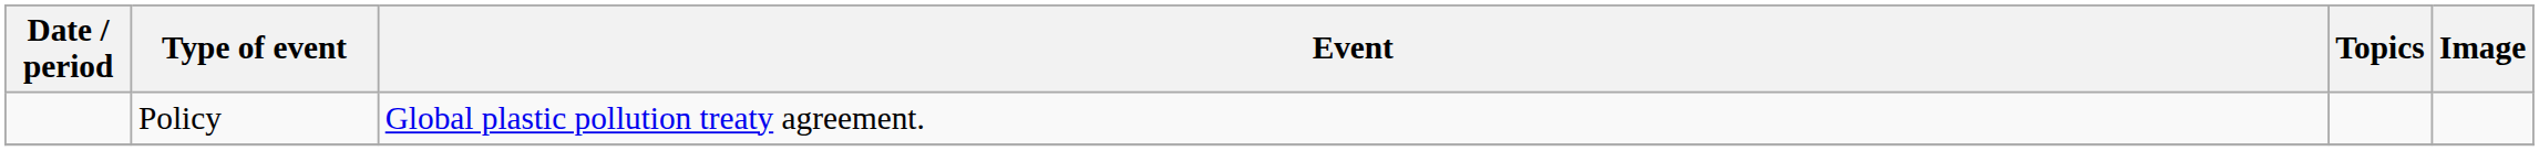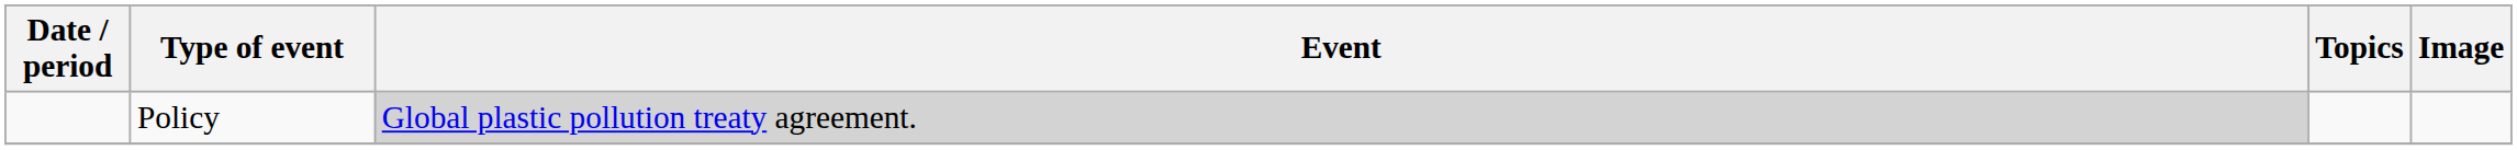 <table class="sortable wikitable">
 <tr>
 <th scope="col" width="20" style="width:5%;">Date / period</th>
 <th scope="col" width="30" style="width:10%;">Type of event</th>
 <th scope="col" width="30" style="width:80%;">Event</th>
 <th scope="col" width="3" style="width:2%;">Topics</th>
 <th scope="col" width="3" style="width:3%;">Image</th>
 </tr>
 <tr>
 <td></td>
 <td>Policy</td>
-<td><a href='#'>Global plastic pollution treaty</a> agreement.</td>
+<td style="background: lightgrey;"><a href='#'>Global plastic pollution treaty</a> agreement.</td>
 <td></td>
 <td></td>
 </tr>
 <tr>
 </tr>
 </table>
